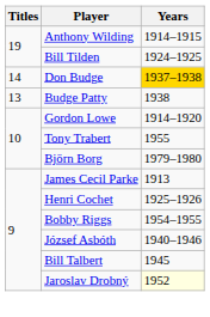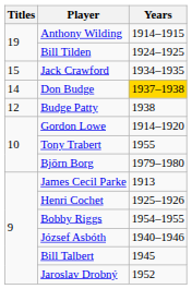 <table class=wikitable style="display:inline-table;">
 <tr>
 <th>Titles</th>
 <th>Player</th>
 <th>Years</th>
 </tr>
 <tr>
 <td rowspan="2">19</td>
 <td> <a href='#'>Anthony Wilding</a></td>
 <td>1914–1915</td>
 </tr>
 <tr>
 <td> <a href='#'>Bill Tilden</a></td>
 <td>1924–1925</td>
 </tr>
 <tr>
+<td>15</td>
+<td> <a href='#'>Jack Crawford</a></td>
+<td>1934–1935</td>
+</tr>
+<tr>
 <td>14</td>
 <td> <a href='#'>Don Budge</a></td>
 <td style="background: gold;">1937–1938</td>
 </tr>
 <tr>
-<td>13</td>
+<td>12</td>
 <td> <a href='#'>Budge Patty</a></td>
 <td>1938</td>
 </tr>
 <tr>
 <td rowspan="3">10</td>
 <td> <a href='#'>Gordon Lowe</a></td>
 <td>1914–1920</td>
 </tr>
 <tr>
 <td> <a href='#'>Tony Trabert</a></td>
 <td>1955</td>
 </tr>
 <tr>
 <td> <a href='#'>Björn Borg</a></td>
 <td>1979–1980</td>
 </tr>
 <tr>
 <td rowspan="6">9</td>
 <td> <a href='#'>James Cecil Parke</a></td>
 <td>1913</td>
 </tr>
 <tr>
 <td> <a href='#'>Henri Cochet</a></td>
 <td>1925–1926</td>
 </tr>
 <tr>
 <td> <a href='#'>Bobby Riggs</a></td>
 <td>1954–1955</td>
 </tr>
 <tr>
 <td> <a href='#'>József Asbóth</a></td>
 <td>1940–1946</td>
 </tr>
 <tr>
 <td> <a href='#'>Bill Talbert</a></td>
 <td>1945</td>
 </tr>
 <tr>
 <td> <a href='#'>Jaroslav Drobný</a></td>
-<td style="background: lightyellow;">1952</td>
+<td>1952</td>
 </tr>
 </table>
